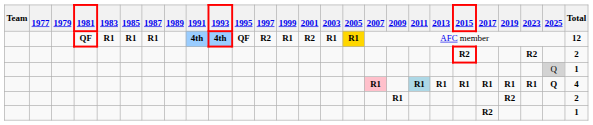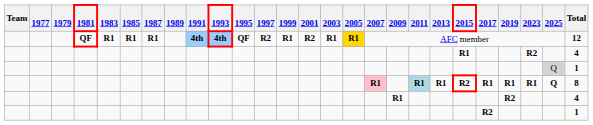 <table class="wikitable" style="text-align:center; font-size:87%">
 <tr>
 <th>Team</th>
 <th><br><a href='#'>1977</a></th>
 <th><br><a href='#'>1979</a></th>
 <th style="border:3px solid red"><br><a href='#'>1981</a></th>
 <th><br><a href='#'>1983</a></th>
 <th><br><a href='#'>1985</a></th>
 <th><br><a href='#'>1987</a></th>
 <th><br><a href='#'>1989</a></th>
 <th><br><a href='#'>1991</a></th>
 <th style="border:3px solid red"><br><a href='#'>1993</a></th>
 <th><br><a href='#'>1995</a></th>
 <th><br><a href='#'>1997</a></th>
 <th><br><a href='#'>1999</a></th>
 <th><br><a href='#'>2001</a></th>
 <th><br><a href='#'>2003</a></th>
 <th><br><a href='#'>2005</a></th>
 <th><br><a href='#'>2007</a></th>
 <th><br><a href='#'>2009</a></th>
 <th><br><a href='#'>2011</a></th>
 <th><br><a href='#'>2013</a></th>
 <th style="border:3px solid red"><br><a href='#'>2015</a></th>
 <th><br><a href='#'>2017</a></th>
 <th><br><a href='#'>2019</a></th>
 <th><br><a href='#'>2023</a></th>
 <th><br><a href='#'>2025</a></th>
 <th>Total</th>
 </tr>
 <tr>
 <td align=left></td>
 <td></td>
 <td></td>
 <td style="border: 3px solid red"><strong>QF</strong></td>
 <td><strong>R1</strong></td>
 <td><strong>R1</strong></td>
 <td><strong>R1</strong></td>
 <td></td>
 <td bgcolor="#9acdff"><strong>4th</strong></td>
 <td style="border: 3px solid red" bgcolor="#9acdff"><strong>4th</strong></td>
 <td><strong>QF</strong></td>
 <td><strong>R2</strong></td>
 <td><strong>R1</strong></td>
 <td><strong>R2</strong></td>
 <td><strong>R1</strong></td>
 <td style="background: gold;"><strong>R1</strong></td>
 <td colspan="9"><a href='#'>AFC</a> member</td>
 <td><strong>12</strong></td>
 </tr>
 <tr>
 <td align=left></td>
 <td></td>
 <td></td>
 <td></td>
 <td></td>
 <td></td>
 <td></td>
 <td></td>
 <td></td>
 <td></td>
 <td></td>
 <td></td>
 <td></td>
 <td></td>
 <td></td>
 <td></td>
 <td></td>
 <td></td>
 <td></td>
 <td></td>
-<td style="border: 3px solid red"><strong>R2</strong></td>
+<td><strong>R1</strong></td>
 <td></td>
 <td></td>
 <td><strong>R2</strong></td>
 <td></td>
-<td><strong>2</strong></td>
+<td><strong>4</strong></td>
 </tr>
 <tr>
 <td align=left></td>
 <td></td>
 <td></td>
 <td></td>
 <td></td>
 <td></td>
 <td></td>
 <td></td>
 <td></td>
 <td></td>
 <td></td>
 <td></td>
 <td></td>
 <td></td>
 <td></td>
 <td></td>
 <td></td>
 <td></td>
 <td></td>
 <td></td>
 <td></td>
 <td></td>
 <td></td>
 <td></td>
 <td style="background: lightgrey;">Q</td>
 <td><strong>1</strong></td>
 </tr>
 <tr>
 <td align=left></td>
 <td></td>
 <td></td>
 <td></td>
 <td></td>
 <td></td>
 <td></td>
 <td></td>
 <td></td>
 <td></td>
 <td></td>
 <td></td>
 <td></td>
 <td></td>
 <td></td>
 <td></td>
 <td style="background: pink;"><strong>R1</strong></td>
 <td></td>
 <td style="background: lightblue;"><strong>R1</strong></td>
 <td><strong>R1</strong></td>
-<td><strong>R1</strong></td>
+<td style="border: 3px solid red"><strong>R2</strong></td>
 <td><strong>R1</strong></td>
 <td><strong>R1</strong></td>
 <td><strong>R1</strong></td>
 <td><strong>Q</strong></td>
-<td><strong>4</strong></td>
+<td><strong>8</strong></td>
 </tr>
 <tr>
 <td align=left></td>
 <td></td>
 <td></td>
 <td></td>
 <td></td>
 <td></td>
 <td></td>
 <td></td>
 <td></td>
 <td></td>
 <td></td>
 <td></td>
 <td></td>
 <td></td>
 <td></td>
 <td></td>
 <td></td>
 <td><strong>R1</strong></td>
 <td></td>
 <td></td>
 <td></td>
 <td></td>
 <td><strong>R2</strong></td>
 <td></td>
 <td></td>
-<td><strong>2</strong></td>
+<td><strong>4</strong></td>
 </tr>
 <tr>
 <td align=left></td>
 <td></td>
 <td></td>
 <td></td>
 <td></td>
 <td></td>
 <td></td>
 <td></td>
 <td></td>
 <td></td>
 <td></td>
 <td></td>
 <td></td>
 <td></td>
 <td></td>
 <td></td>
 <td></td>
 <td></td>
 <td></td>
 <td></td>
 <td></td>
 <td><strong>R2</strong></td>
 <td></td>
 <td></td>
 <td></td>
 <td><strong>1</strong></td>
 </tr>
 </table>
